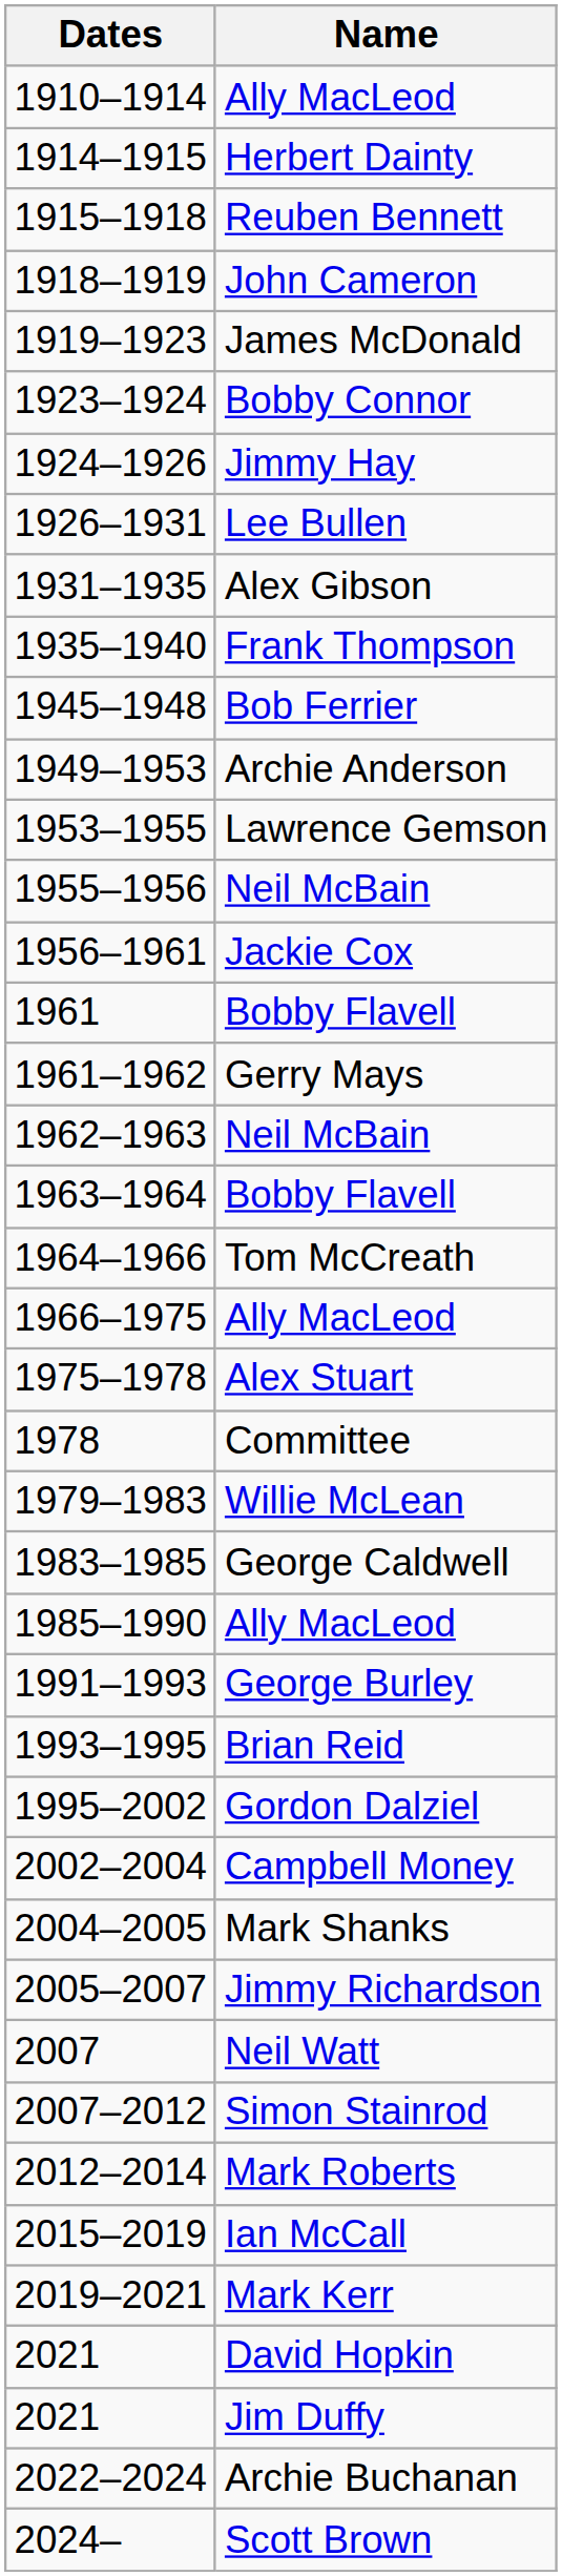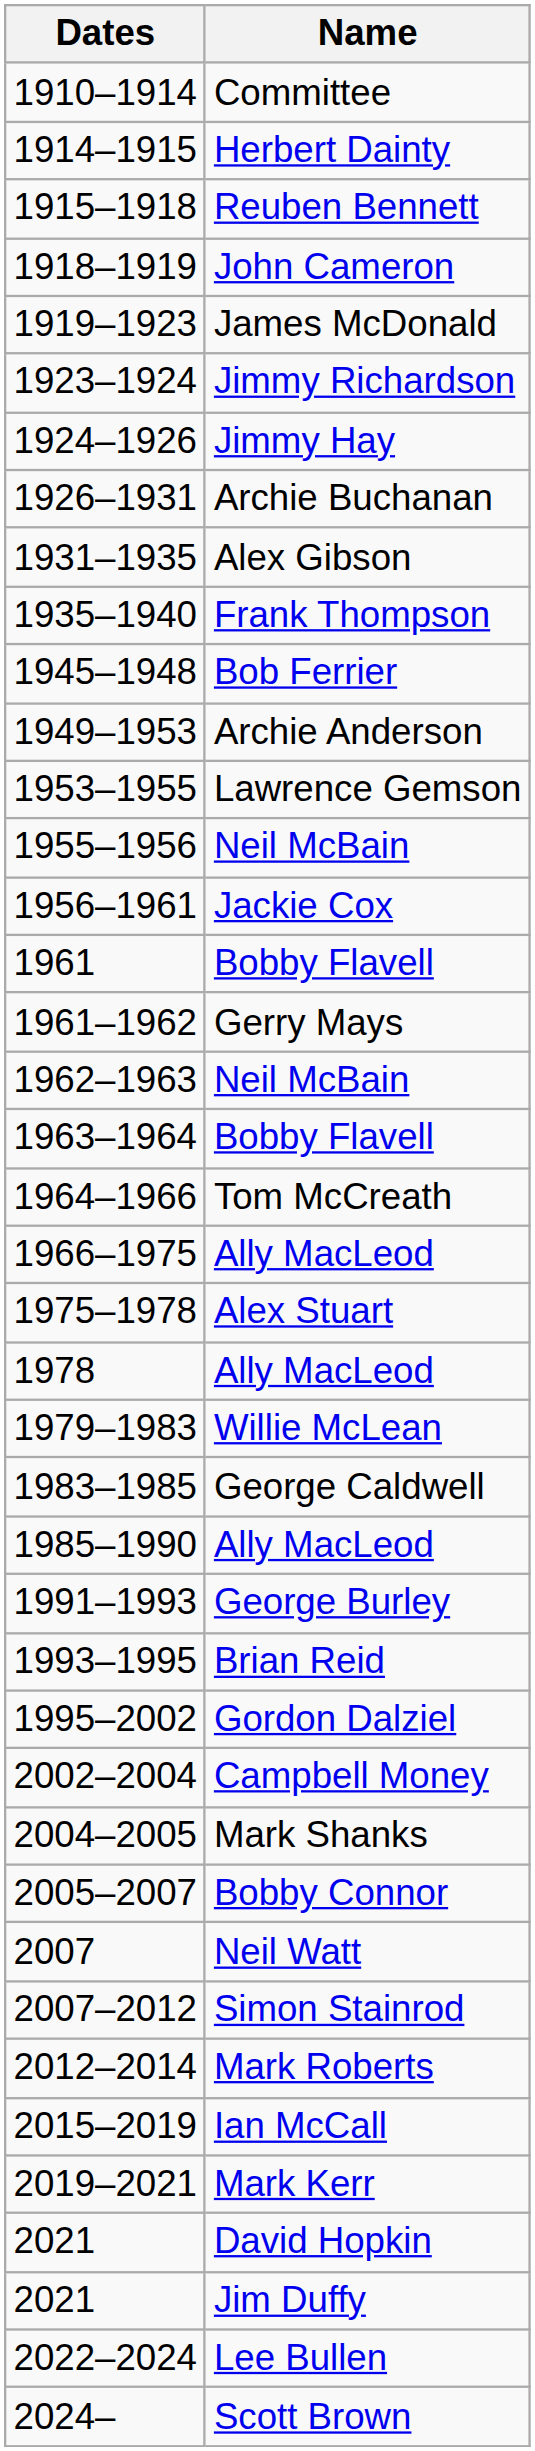 <table class="wikitable">
 <tr>
 <th>Dates</th>
 <th>Name</th>
 </tr>
 <tr>
 <td>1910–1914</td>
-<td> <a href='#'>Ally MacLeod</a></td>
+<td>Committee</td>
 </tr>
 <tr>
 <td>1914–1915</td>
 <td> <a href='#'>Herbert Dainty</a></td>
 </tr>
 <tr>
 <td>1915–1918</td>
 <td> <a href='#'>Reuben Bennett</a></td>
 </tr>
 <tr>
 <td>1918–1919</td>
 <td> <a href='#'>John Cameron</a></td>
 </tr>
 <tr>
 <td>1919–1923</td>
 <td> James McDonald</td>
 </tr>
 <tr>
 <td>1923–1924</td>
-<td> <a href='#'>Bobby Connor</a></td>
+<td> <a href='#'>Jimmy Richardson</a></td>
 </tr>
 <tr>
 <td>1924–1926</td>
 <td> <a href='#'>Jimmy Hay</a></td>
 </tr>
 <tr>
 <td>1926–1931</td>
-<td> <a href='#'>Lee Bullen</a></td>
+<td> Archie Buchanan</td>
 </tr>
 <tr>
 <td>1931–1935</td>
 <td> Alex Gibson</td>
 </tr>
 <tr>
 <td>1935–1940</td>
 <td> <a href='#'>Frank Thompson</a></td>
 </tr>
 <tr>
 <td>1945–1948</td>
 <td> <a href='#'>Bob Ferrier</a></td>
 </tr>
 <tr>
 <td>1949–1953</td>
 <td> Archie Anderson</td>
 </tr>
 <tr>
 <td>1953–1955</td>
 <td> Lawrence Gemson</td>
 </tr>
 <tr>
 <td>1955–1956</td>
 <td> <a href='#'>Neil McBain</a></td>
 </tr>
 <tr>
 <td>1956–1961</td>
 <td> <a href='#'>Jackie Cox</a></td>
 </tr>
 <tr>
 <td>1961</td>
 <td> <a href='#'>Bobby Flavell</a></td>
 </tr>
 <tr>
 <td>1961–1962</td>
 <td> Gerry Mays</td>
 </tr>
 <tr>
 <td>1962–1963</td>
 <td> <a href='#'>Neil McBain</a></td>
 </tr>
 <tr>
 <td>1963–1964</td>
 <td> <a href='#'>Bobby Flavell</a></td>
 </tr>
 <tr>
 <td>1964–1966</td>
 <td> Tom McCreath</td>
 </tr>
 <tr>
 <td>1966–1975</td>
 <td> <a href='#'>Ally MacLeod</a></td>
 </tr>
 <tr>
 <td>1975–1978</td>
 <td> <a href='#'>Alex Stuart</a></td>
 </tr>
 <tr>
 <td>1978</td>
-<td>Committee</td>
+<td> <a href='#'>Ally MacLeod</a></td>
 </tr>
 <tr>
 <td>1979–1983</td>
 <td> <a href='#'>Willie McLean</a></td>
 </tr>
 <tr>
 <td>1983–1985</td>
 <td> George Caldwell</td>
 </tr>
 <tr>
 <td>1985–1990</td>
 <td> <a href='#'>Ally MacLeod</a></td>
 </tr>
 <tr>
 <td>1991–1993</td>
 <td> <a href='#'>George Burley</a></td>
 </tr>
 <tr>
 <td>1993–1995</td>
 <td> <a href='#'>Brian Reid</a></td>
 </tr>
 <tr>
 <td>1995–2002</td>
 <td> <a href='#'>Gordon Dalziel</a></td>
 </tr>
 <tr>
 <td>2002–2004</td>
 <td> <a href='#'>Campbell Money</a></td>
 </tr>
 <tr>
 <td>2004–2005</td>
 <td> Mark Shanks</td>
 </tr>
 <tr>
 <td>2005–2007</td>
-<td> <a href='#'>Jimmy Richardson</a></td>
+<td> <a href='#'>Bobby Connor</a></td>
 </tr>
 <tr>
 <td>2007</td>
 <td> <a href='#'>Neil Watt</a></td>
 </tr>
 <tr>
 <td>2007–2012</td>
 <td> <a href='#'>Simon Stainrod</a></td>
 </tr>
 <tr>
 <td>2012–2014</td>
 <td> <a href='#'>Mark Roberts</a></td>
 </tr>
 <tr>
 <td>2015–2019</td>
 <td> <a href='#'>Ian McCall</a></td>
 </tr>
 <tr>
 <td>2019–2021</td>
 <td> <a href='#'>Mark Kerr</a></td>
 </tr>
 <tr>
 <td>2021</td>
 <td> <a href='#'>David Hopkin</a></td>
 </tr>
 <tr>
 <td>2021</td>
 <td> <a href='#'>Jim Duffy</a></td>
 </tr>
 <tr>
 <td>2022–2024</td>
-<td> Archie Buchanan</td>
+<td> <a href='#'>Lee Bullen</a></td>
 </tr>
 <tr>
 <td>2024–</td>
 <td> <a href='#'>Scott Brown</a></td>
 </tr>
 </table>
